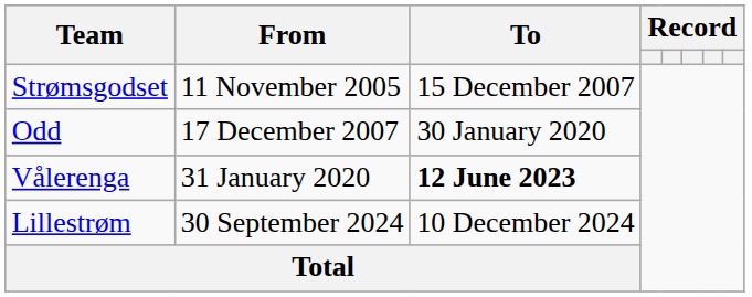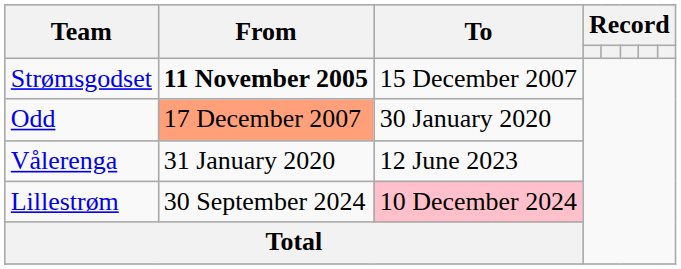 <table class=wikitable style="text-align:center">
 <tr>
 <th rowspan=2>Team</th>
 <th rowspan=2>From</th>
 <th rowspan=2>To</th>
 <th colspan=5>Record</th>
 </tr>
 <tr>
 <th></th>
 <th></th>
 <th></th>
 <th></th>
 <th></th>
 </tr>
 <tr>
 <td align=left><a href='#'>Strømsgodset</a></td>
-<td align=left>11 November 2005</td>
+<td align=left><strong>11 November 2005</strong></td>
 <td align=left>15 December 2007<br></td>
 </tr>
 <tr>
 <td align=left><a href='#'>Odd</a></td>
-<td align=left>17 December 2007</td>
+<td align=left style="background: lightsalmon;">17 December 2007</td>
 <td align=left>30 January 2020<br></td>
 </tr>
 <tr>
 <td align=left><a href='#'>Vålerenga</a></td>
 <td align=left>31 January 2020</td>
-<td align=left><strong>12 June 2023<br></strong></td>
+<td align=left>12 June 2023<br></td>
 </tr>
 <tr>
 <td align=left><a href='#'>Lillestrøm</a></td>
 <td align=left>30 September 2024</td>
-<td align=left>10 December 2024<br></td>
+<td align=left style="background: pink;">10 December 2024<br></td>
 </tr>
 <tr>
 <th colspan=3>Total<br></th>
 </tr>
 </table>
